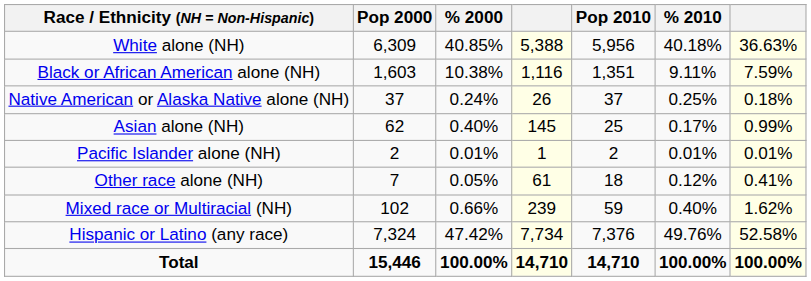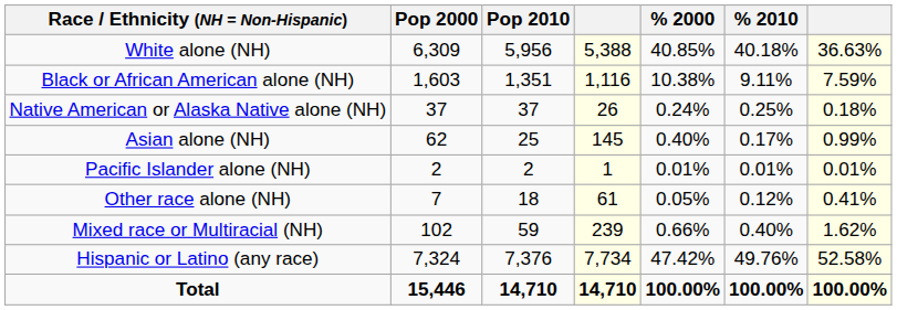 <table class="wikitable" style="text-align:center;">
 <tr>
 <th>Race / Ethnicity <small>(<em>NH = Non-Hispanic</em>)</small></th>
 <th>Pop 2000</th>
+<th>Pop 2010</th>
+<th></th>
 <th>% 2000</th>
-<th></th>
-<th>Pop 2010</th>
 <th>% 2010</th>
 <th></th>
 </tr>
 <tr>
 <td><a href='#'>White</a> alone (NH)</td>
 <td>6,309</td>
+<td>5,956</td>
+<td style='background: #ffffe6;'>5,388</td>
 <td>40.85%</td>
-<td style='background: #ffffe6;'>5,388</td>
-<td>5,956</td>
 <td>40.18%</td>
 <td style='background: #ffffe6;'>36.63%</td>
 </tr>
 <tr>
 <td><a href='#'>Black or African American</a> alone (NH)</td>
 <td>1,603</td>
+<td>1,351</td>
+<td style='background: #ffffe6;'>1,116</td>
 <td>10.38%</td>
-<td style='background: #ffffe6;'>1,116</td>
-<td>1,351</td>
 <td>9.11%</td>
 <td style='background: #ffffe6;'>7.59%</td>
 </tr>
 <tr>
 <td><a href='#'>Native American</a> or <a href='#'>Alaska Native</a> alone (NH)</td>
 <td>37</td>
+<td>37</td>
+<td style='background: #ffffe6;'>26</td>
 <td>0.24%</td>
-<td style='background: #ffffe6;'>26</td>
-<td>37</td>
 <td>0.25%</td>
 <td style='background: #ffffe6;'>0.18%</td>
 </tr>
 <tr>
 <td><a href='#'>Asian</a> alone (NH)</td>
 <td>62</td>
+<td>25</td>
+<td style='background: #ffffe6;'>145</td>
 <td>0.40%</td>
-<td style='background: #ffffe6;'>145</td>
-<td>25</td>
 <td>0.17%</td>
 <td style='background: #ffffe6;'>0.99%</td>
 </tr>
 <tr>
 <td><a href='#'>Pacific Islander</a> alone (NH)</td>
 <td>2</td>
+<td>2</td>
+<td style='background: #ffffe6;'>1</td>
 <td>0.01%</td>
-<td style='background: #ffffe6;'>1</td>
-<td>2</td>
 <td>0.01%</td>
 <td style='background: #ffffe6;'>0.01%</td>
 </tr>
 <tr>
 <td><a href='#'>Other race</a> alone (NH)</td>
 <td>7</td>
+<td>18</td>
+<td style='background: #ffffe6;'>61</td>
 <td>0.05%</td>
-<td style='background: #ffffe6;'>61</td>
-<td>18</td>
 <td>0.12%</td>
 <td style='background: #ffffe6;'>0.41%</td>
 </tr>
 <tr>
 <td><a href='#'>Mixed race or Multiracial</a> (NH)</td>
 <td>102</td>
+<td>59</td>
+<td style='background: #ffffe6;'>239</td>
 <td>0.66%</td>
-<td style='background: #ffffe6;'>239</td>
-<td>59</td>
 <td>0.40%</td>
 <td style='background: #ffffe6;'>1.62%</td>
 </tr>
 <tr>
 <td><a href='#'>Hispanic or Latino</a> (any race)</td>
 <td>7,324</td>
+<td>7,376</td>
+<td style='background: #ffffe6;'>7,734</td>
 <td>47.42%</td>
-<td style='background: #ffffe6;'>7,734</td>
-<td>7,376</td>
 <td>49.76%</td>
 <td style='background: #ffffe6;'>52.58%</td>
 </tr>
 <tr>
 <td><strong>Total</strong></td>
 <td><strong>15,446</strong></td>
+<td><strong>14,710</strong></td>
+<td style='background: #ffffe6;'><strong>14,710</strong></td>
 <td><strong>100.00%</strong></td>
-<td style='background: #ffffe6;'><strong>14,710</strong></td>
-<td><strong>14,710</strong></td>
 <td><strong>100.00%</strong></td>
 <td style='background: #ffffe6;'><strong>100.00%</strong></td>
 </tr>
 </table>
